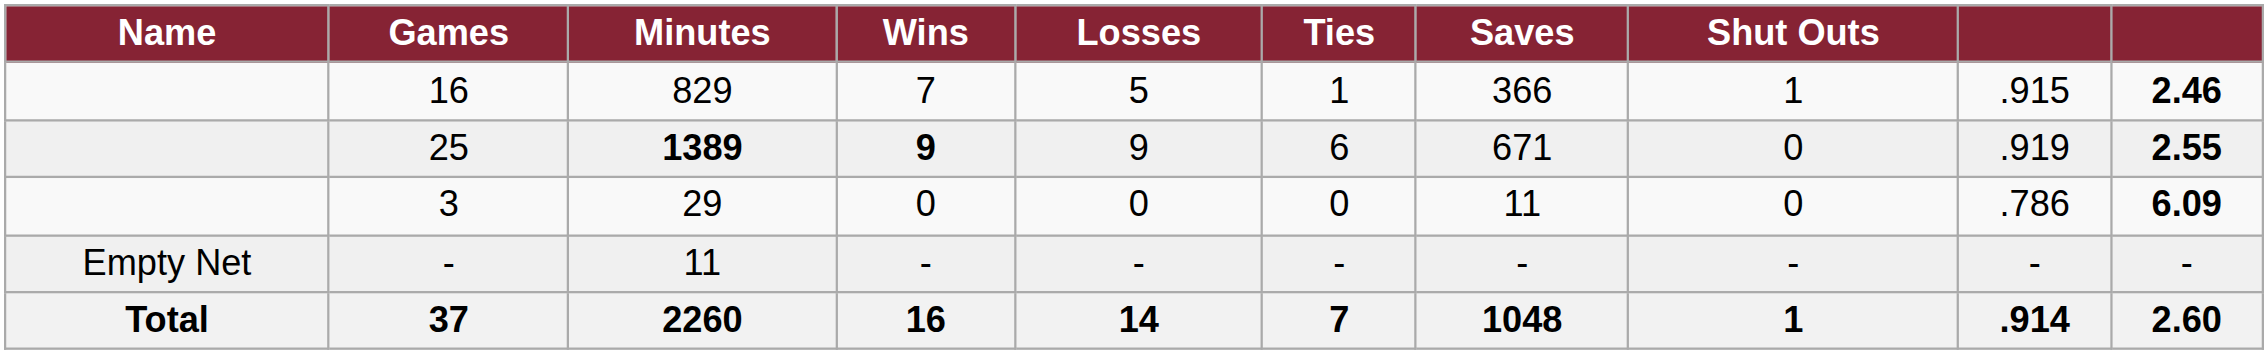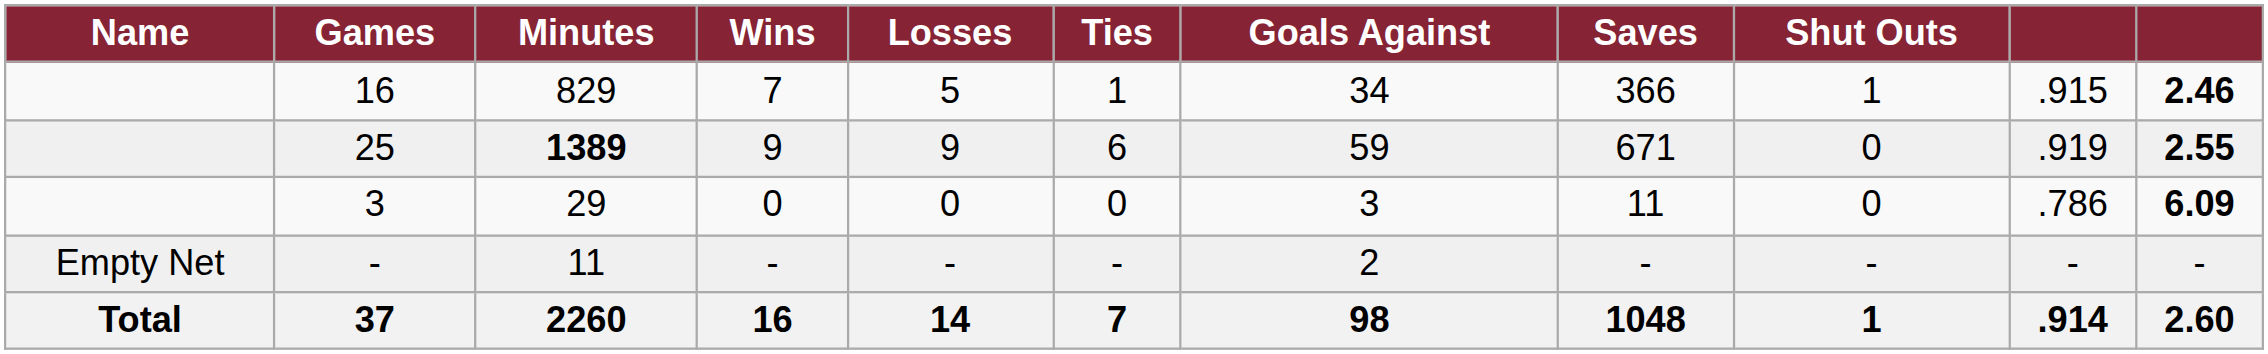 <table class="wikitable sortable" width ="1000">
 <tr align="center">
 <th style="color:white; background:#862334; ">Name</th>
 <th style="color:white; background:#862334; ">Games</th>
 <th style="color:white; background:#862334; ">Minutes</th>
 <th style="color:white; background:#862334; ">Wins</th>
 <th style="color:white; background:#862334; ">Losses</th>
 <th style="color:white; background:#862334; ">Ties</th>
+<th style="color:white; background:#862334; ">Goals Against</th>
 <th style="color:white; background:#862334; ">Saves</th>
 <th style="color:white; background:#862334; ">Shut Outs</th>
 <th style="color:white; background:#862334; "><a href='#'></a></th>
 <th style="color:white; background:#862334; "><a href='#'></a></th>
 </tr>
 <tr align="center" bgcolor="">
 <td></td>
 <td>16</td>
 <td>829</td>
 <td>7</td>
 <td>5</td>
 <td>1</td>
+<td>34</td>
 <td>366</td>
 <td>1</td>
 <td>.915</td>
 <td><strong>2.46</strong></td>
 </tr>
 <tr align="center" bgcolor="f0f0f0">
 <td></td>
 <td>25</td>
 <td><strong>1389</strong></td>
-<td><strong>9</strong></td>
+<td>9</td>
 <td>9</td>
 <td>6</td>
+<td>59</td>
 <td>671</td>
 <td>0</td>
 <td>.919</td>
 <td><strong>2.55</strong></td>
 </tr>
 <tr align="center" bgcolor="">
 <td></td>
 <td>3</td>
 <td>29</td>
 <td>0</td>
 <td>0</td>
 <td>0</td>
+<td>3</td>
 <td>11</td>
 <td>0</td>
 <td>.786</td>
 <td><strong>6.09</strong></td>
 </tr>
 <tr align="center" bgcolor="f0f0f0">
 <td>Empty Net</td>
 <td>-</td>
 <td>11</td>
 <td>-</td>
 <td>-</td>
 <td>-</td>
+<td>2</td>
 <td>-</td>
 <td>-</td>
 <td>-</td>
 <td>-</td>
 </tr>
 <tr>
 <th>Total</th>
 <th>37</th>
 <th>2260</th>
 <th>16</th>
 <th>14</th>
 <th>7</th>
+<th>98</th>
 <th>1048</th>
 <th>1</th>
 <th>.914</th>
 <th>2.60</th>
 </tr>
 </table>
